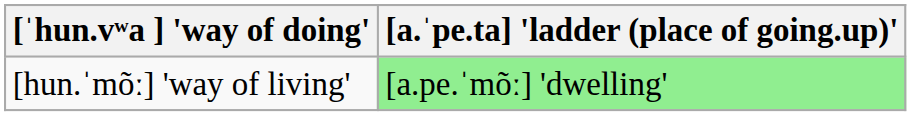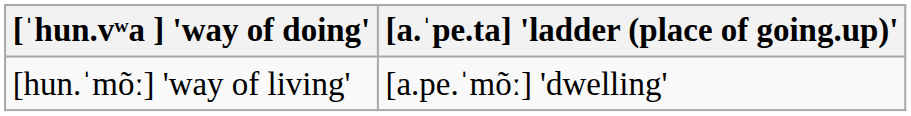 <table class="wikitable">
 <tr>
 <th>[ˈhun.vʷa ] 'way of doing'</th>
 <th>[a.ˈpe.ta] 'ladder (place of going.up)'</th>
 </tr>
 <tr>
 <td>[hun.ˈmõː] 'way of living'</td>
-<td style="background: lightgreen;">[a.pe.ˈmõː] 'dwelling'</td>
+<td>[a.pe.ˈmõː] 'dwelling'</td>
 </tr>
 </table>
